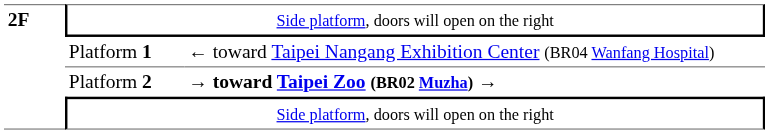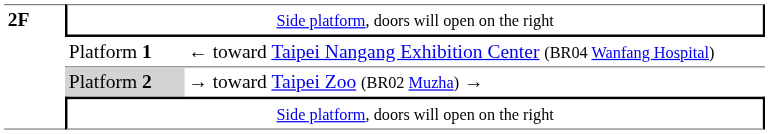 <table table border=0 cellspacing=0 cellpadding=3>
 <tr>
 <td style="border-top:solid 1px gray;border-bottom:solid 1px gray;" width=50 rowspan=10 valign=top><strong>2F</strong></td>
 </tr>
 <tr>
 <td style="border-right:solid 2px black;border-left:solid 2px black;border-bottom:solid 2px black;border-top:solid 1px gray;text-align:center;" colspan=2><small><a href='#'>Side platform</a>, doors will open on the right</small></td>
 </tr>
 <tr>
 <td style="border-bottom:solid 1px gray;" width=100>Platform <span><strong>1</strong></span></td>
 <td style="border-bottom:solid 1px gray;" width=560>← toward <a href='#'>Taipei Nangang Exhibition Center</a> <small>(BR04 <a href='#'>Wanfang Hospital</a>)</small></td>
 </tr>
 <tr>
-<td>Platform <span><strong>2</strong></span></td>
-<td><strong><span>→</span> toward <a href='#'>Taipei Zoo</a> <small>(BR02 <a href='#'>Muzha</a>)</small> →</strong></td>
+<td style="background: lightgrey;">Platform <span><strong>2</strong></span></td>
+<td><span>→</span> toward <a href='#'>Taipei Zoo</a> <small>(BR02 <a href='#'>Muzha</a>)</small> →</td>
 </tr>
 <tr>
 <td style="border-top:solid 2px black;border-right:solid 2px black;border-left:solid 2px black;border-bottom:solid 1px gray;text-align:center;" colspan=2><small><a href='#'>Side platform</a>, doors will open on the right</small></td>
 </tr>
 </table>
